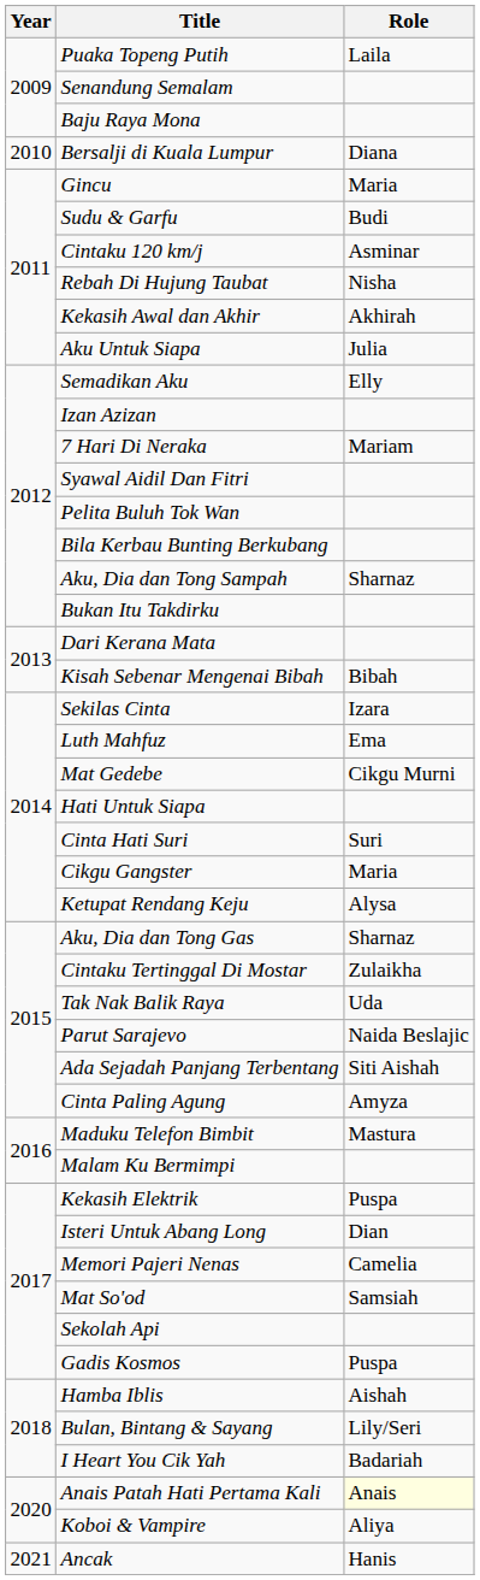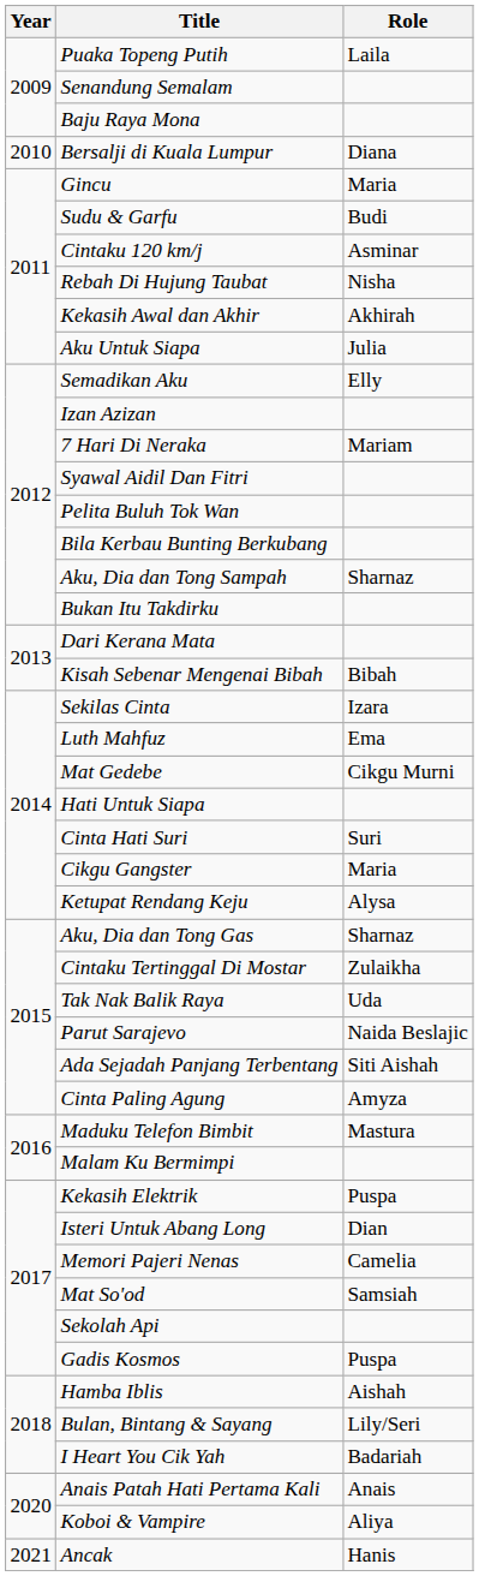 <table class="wikitable">
 <tr>
 <th>Year</th>
 <th>Title</th>
 <th>Role</th>
 </tr>
 <tr>
 <td rowspan="3">2009</td>
 <td><em>Puaka Topeng Putih</em></td>
 <td>Laila</td>
 </tr>
 <tr>
 <td><em>Senandung Semalam</em></td>
 <td></td>
 </tr>
 <tr>
 <td><em>Baju Raya Mona</em></td>
 <td></td>
 </tr>
 <tr>
 <td>2010</td>
 <td><em>Bersalji di Kuala Lumpur</em></td>
 <td>Diana</td>
 </tr>
 <tr>
 <td rowspan="6">2011</td>
 <td><em>Gincu</em></td>
 <td>Maria</td>
 </tr>
 <tr>
 <td><em>Sudu & Garfu</em></td>
 <td>Budi</td>
 </tr>
 <tr>
 <td><em>Cintaku 120 km/j</em></td>
 <td>Asminar</td>
 </tr>
 <tr>
 <td><em>Rebah Di Hujung Taubat</em></td>
 <td>Nisha</td>
 </tr>
 <tr>
 <td><em>Kekasih Awal dan Akhir</em></td>
 <td>Akhirah</td>
 </tr>
 <tr>
 <td><em>Aku Untuk Siapa</em></td>
 <td>Julia</td>
 </tr>
 <tr>
 <td rowspan="8">2012</td>
 <td><em>Semadikan Aku</em></td>
 <td>Elly</td>
 </tr>
 <tr>
 <td><em>Izan Azizan</em></td>
 <td></td>
 </tr>
 <tr>
 <td><em>7 Hari Di Neraka</em></td>
 <td>Mariam</td>
 </tr>
 <tr>
 <td><em>Syawal Aidil Dan Fitri</em></td>
 <td></td>
 </tr>
 <tr>
 <td><em>Pelita Buluh Tok Wan</em></td>
 <td></td>
 </tr>
 <tr>
 <td><em>Bila Kerbau Bunting Berkubang</em></td>
 <td></td>
 </tr>
 <tr>
 <td><em>Aku, Dia dan Tong Sampah</em></td>
 <td>Sharnaz</td>
 </tr>
 <tr>
 <td><em>Bukan Itu Takdirku</em></td>
 <td></td>
 </tr>
 <tr>
 <td rowspan="2">2013</td>
 <td><em>Dari Kerana Mata</em></td>
 <td></td>
 </tr>
 <tr>
 <td><em>Kisah Sebenar Mengenai Bibah</em></td>
 <td>Bibah</td>
 </tr>
 <tr>
 <td rowspan="7">2014</td>
 <td><em>Sekilas Cinta</em></td>
 <td>Izara</td>
 </tr>
 <tr>
 <td><em>Luth Mahfuz</em></td>
 <td>Ema</td>
 </tr>
 <tr>
 <td><em>Mat Gedebe</em></td>
 <td>Cikgu Murni</td>
 </tr>
 <tr>
 <td><em>Hati Untuk Siapa</em></td>
 <td></td>
 </tr>
 <tr>
 <td><em>Cinta Hati Suri</em></td>
 <td>Suri</td>
 </tr>
 <tr>
 <td><em>Cikgu Gangster</em></td>
 <td>Maria</td>
 </tr>
 <tr>
 <td><em>Ketupat Rendang Keju</em></td>
 <td>Alysa</td>
 </tr>
 <tr>
 <td rowspan="6">2015</td>
 <td><em>Aku, Dia dan Tong Gas</em></td>
 <td>Sharnaz</td>
 </tr>
 <tr>
 <td><em>Cintaku Tertinggal Di Mostar</em></td>
 <td>Zulaikha</td>
 </tr>
 <tr>
 <td><em>Tak Nak Balik Raya</em></td>
 <td>Uda</td>
 </tr>
 <tr>
 <td><em>Parut Sarajevo</em></td>
 <td>Naida Beslajic</td>
 </tr>
 <tr>
 <td><em>Ada Sejadah Panjang Terbentang</em></td>
 <td>Siti Aishah</td>
 </tr>
 <tr>
 <td><em>Cinta Paling Agung</em></td>
 <td>Amyza</td>
 </tr>
 <tr>
 <td rowspan="2">2016</td>
 <td><em>Maduku Telefon Bimbit</em></td>
 <td>Mastura</td>
 </tr>
 <tr>
 <td><em>Malam Ku Bermimpi</em></td>
 <td></td>
 </tr>
 <tr>
 <td rowspan="6">2017</td>
 <td><em>Kekasih Elektrik</em></td>
 <td>Puspa</td>
 </tr>
 <tr>
 <td><em>Isteri Untuk Abang Long</em></td>
 <td>Dian</td>
 </tr>
 <tr>
 <td><em>Memori Pajeri Nenas</em></td>
 <td>Camelia</td>
 </tr>
 <tr>
 <td><em>Mat So'od</em></td>
 <td>Samsiah</td>
 </tr>
 <tr>
 <td><em>Sekolah Api</em></td>
 <td></td>
 </tr>
 <tr>
 <td><em>Gadis Kosmos</em></td>
 <td>Puspa</td>
 </tr>
 <tr>
 <td rowspan="3">2018</td>
 <td><em>Hamba Iblis</em></td>
 <td>Aishah</td>
 </tr>
 <tr>
 <td><em>Bulan, Bintang & Sayang</em></td>
 <td>Lily/Seri</td>
 </tr>
 <tr>
 <td><em>I Heart You Cik Yah</em></td>
 <td>Badariah</td>
 </tr>
 <tr>
 <td rowspan="2">2020</td>
 <td><em>Anais Patah Hati Pertama Kali</em></td>
-<td style="background: lightyellow;">Anais</td>
+<td>Anais</td>
 </tr>
 <tr>
 <td><em>Koboi & Vampire</em></td>
 <td>Aliya</td>
 </tr>
 <tr>
 <td>2021</td>
 <td><em>Ancak</em></td>
 <td>Hanis</td>
 </tr>
 <tr>
 </tr>
 </table>
